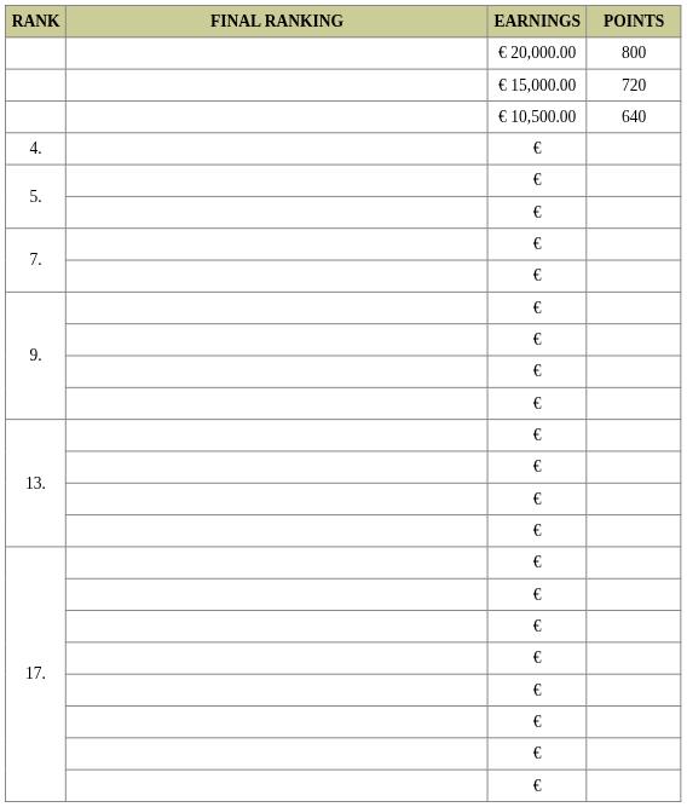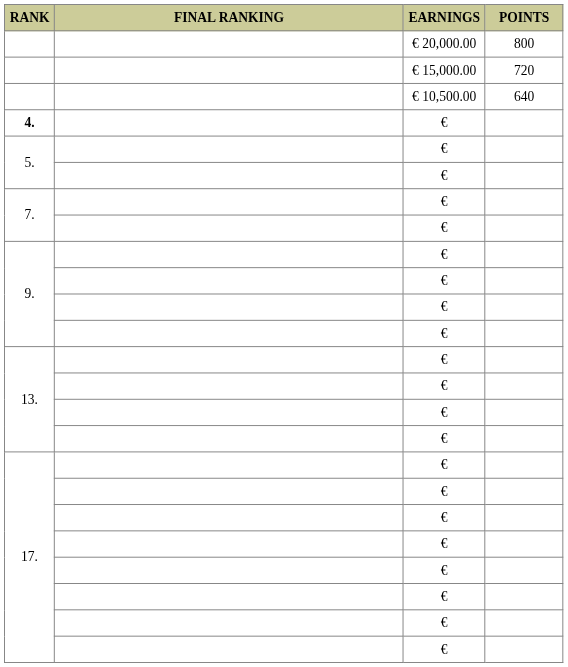 <table border="1" cellspacing="2" cellpadding="5" style="border-collapse: collapse; font-size: 90%;">
 <tr bgcolor="CCCC99">
 <th>RANK</th>
 <th style="width: 25em">FINAL RANKING</th>
 <th style="width: 5em">EARNINGS</th>
 <th style="width: 5em">POINTS</th>
 </tr>
 <tr>
 <td align="center"></td>
 <td></td>
 <td align="center">€ 20,000.00</td>
 <td align="center">800</td>
 </tr>
 <tr>
 <td align="center"></td>
 <td></td>
 <td align="center">€ 15,000.00</td>
 <td align="center">720</td>
 </tr>
 <tr>
 <td align="center"></td>
 <td></td>
 <td align="center">€ 10,500.00</td>
 <td align="center">640</td>
 </tr>
 <tr>
-<td align="center">4.</td>
+<td align="center"><strong>4.</strong></td>
 <td></td>
 <td align="center">€</td>
 <td align="center"></td>
 </tr>
 <tr>
 <td rowspan=2 align="center">5.</td>
 <td></td>
 <td align="center">€</td>
 <td align="center"></td>
 </tr>
 <tr>
 <td></td>
 <td align="center">€</td>
 <td align="center"></td>
 </tr>
 <tr>
 <td rowspan=2 align="center">7.</td>
 <td></td>
 <td align="center">€</td>
 <td align="center"></td>
 </tr>
 <tr>
 <td></td>
 <td align="center">€</td>
 <td align="center"></td>
 </tr>
 <tr>
 <td rowspan=4 align="center">9.</td>
 <td></td>
 <td align="center">€</td>
 <td align="center"></td>
 </tr>
 <tr>
 <td></td>
 <td align="center">€</td>
 <td align="center"></td>
 </tr>
 <tr>
 <td></td>
 <td align="center">€</td>
 <td align="center"></td>
 </tr>
 <tr>
 <td></td>
 <td align="center">€</td>
 <td align="center"></td>
 </tr>
 <tr>
 <td rowspan=4 align="center">13.</td>
 <td></td>
 <td align="center">€</td>
 <td align="center"></td>
 </tr>
 <tr>
 <td></td>
 <td align="center">€</td>
 <td align="center"></td>
 </tr>
 <tr>
 <td></td>
 <td align="center">€</td>
 <td align="center"></td>
 </tr>
 <tr>
 <td></td>
 <td align="center">€</td>
 <td align="center"></td>
 </tr>
 <tr>
 <td rowspan=8 align="center">17.</td>
 <td></td>
 <td align="center">€</td>
 <td align="center"></td>
 </tr>
 <tr>
 <td></td>
 <td align="center">€</td>
 <td align="center"></td>
 </tr>
 <tr>
 <td></td>
 <td align="center">€</td>
 <td align="center"></td>
 </tr>
 <tr>
 <td></td>
 <td align="center">€</td>
 <td align="center"></td>
 </tr>
 <tr>
 <td></td>
 <td align="center">€</td>
 <td align="center"></td>
 </tr>
 <tr>
 <td></td>
 <td align="center">€</td>
 <td align="center"></td>
 </tr>
 <tr>
 <td></td>
 <td align="center">€</td>
 <td align="center"></td>
 </tr>
 <tr>
 <td></td>
 <td align="center">€</td>
 <td align="center"></td>
 </tr>
 </table>
